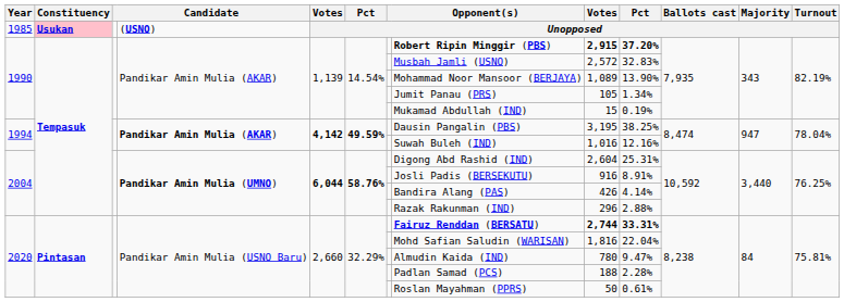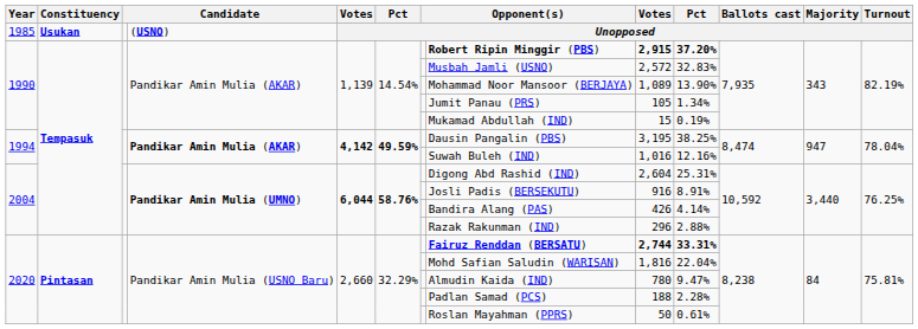 <table class="wikitable" style="margin:0.5em ; font-size:95%">
 <tr>
 <th>Year</th>
 <th>Constituency</th>
 <th colspan=2>Candidate</th>
 <th>Votes</th>
 <th>Pct</th>
 <th colspan=2>Opponent(s)</th>
 <th>Votes</th>
 <th>Pct</th>
 <th>Ballots cast</th>
 <th>Majority</th>
 <th>Turnout</th>
 </tr>
 <tr>
 <td><a href='#'>1985</a></td>
-<td style="background: pink;"><strong><a href='#'>Usukan</a></strong></td>
+<td><strong><a href='#'>Usukan</a></strong></td>
 <td></td>
 <td> (<a href='#'><strong>USNO</strong></a>)</td>
 <th colspan="9" align="right"><em>Unopposed</em></th>
 </tr>
 <tr>
 <td rowspan=5><a href='#'>1990</a></td>
 <td rowspan="11"><strong><a href='#'>Tempasuk</a></strong></td>
 <td rowspan=5 ></td>
 <td rowspan=5>Pandikar Amin Mulia (<a href='#'>AKAR</a>)</td>
 <td rowspan=5 align="right">1,139</td>
 <td rowspan=5>14.54%</td>
 <td></td>
 <td><strong>Robert Ripin Minggir</strong> (<a href='#'><strong>PBS</strong></a>)</td>
 <td align="right"><strong>2,915</strong></td>
 <td><strong>37.20%</strong></td>
 <td rowspan=5>7,935</td>
 <td rowspan=5>343</td>
 <td rowspan=5>82.19%</td>
 </tr>
 <tr>
 <td></td>
 <td><a href='#'>Musbah Jamli</a> (<a href='#'>USNO</a>)</td>
 <td align="right">2,572</td>
 <td>32.83%</td>
 </tr>
 <tr>
 <td></td>
 <td>Mohammad Noor Mansoor (<a href='#'>BERJAYA</a>)</td>
 <td align="right">1,089</td>
 <td>13.90%</td>
 </tr>
 <tr>
 <td></td>
 <td>Jumit Panau (<a href='#'>PRS</a>)</td>
 <td align="right">105</td>
 <td>1.34%</td>
 </tr>
 <tr>
 <td></td>
 <td>Mukamad Abdullah (<a href='#'>IND</a>)</td>
 <td align="right">15</td>
 <td>0.19%</td>
 </tr>
 <tr>
 <td rowspan=2><a href='#'>1994</a></td>
 <td rowspan=2 ></td>
 <td rowspan=2><strong>Pandikar Amin Mulia</strong> (<a href='#'><strong>AKAR</strong></a>)</td>
 <td rowspan=2 align="right"><strong>4,142</strong></td>
 <td rowspan=2><strong>49.59%</strong></td>
 <td></td>
 <td>Dausin Pangalin (<a href='#'>PBS</a>)</td>
 <td align="right">3,195</td>
 <td>38.25%</td>
 <td rowspan=2>8,474</td>
 <td rowspan=2>947</td>
 <td rowspan=2>78.04%</td>
 </tr>
 <tr>
 <td></td>
 <td>Suwah Buleh (<a href='#'>IND</a>)</td>
 <td align="right">1,016</td>
 <td>12.16%</td>
 </tr>
 <tr>
 <td rowspan=4><a href='#'>2004</a></td>
 <td rowspan=4 ></td>
 <td rowspan=4><strong>Pandikar Amin Mulia</strong> (<a href='#'><strong>UMNO</strong></a>)</td>
 <td rowspan=4 align="right"><strong>6,044</strong></td>
 <td rowspan=4><strong>58.76%</strong></td>
 <td></td>
 <td>Digong Abd Rashid (<a href='#'>IND</a>)</td>
 <td align="right">2,604</td>
 <td>25.31%</td>
 <td rowspan=4>10,592</td>
 <td rowspan=4>3,440</td>
 <td rowspan=4>76.25%</td>
 </tr>
 <tr>
 <td></td>
 <td>Josli Padis (<a href='#'>BERSEKUTU</a>)</td>
 <td align="right">916</td>
 <td>8.91%</td>
 </tr>
 <tr>
 <td></td>
 <td>Bandira Alang (<a href='#'>PAS</a>)</td>
 <td align="right">426</td>
 <td>4.14%</td>
 </tr>
 <tr>
 <td></td>
 <td>Razak Rakunman (<a href='#'>IND</a>)</td>
 <td align="right">296</td>
 <td>2.88%</td>
 </tr>
 <tr>
 <td rowspan=5><a href='#'>2020</a></td>
 <td rowspan=5><strong><a href='#'>Pintasan</a></strong></td>
 <td rowspan=5></td>
 <td rowspan=5>Pandikar Amin Mulia (<a href='#'>USNO Baru</a>)</td>
 <td rowspan=5 align="right">2,660</td>
 <td rowspan=5>32.29%</td>
 <td></td>
 <td><strong><a href='#'>Fairuz Renddan</a></strong> (<a href='#'><strong>BERSATU</strong></a>)</td>
 <td align="right"><strong>2,744</strong></td>
 <td><strong>33.31%</strong></td>
 <td rowspan=5>8,238</td>
 <td rowspan=5>84</td>
 <td rowspan=5>75.81%</td>
 </tr>
 <tr>
 <td></td>
 <td>Mohd Safian Saludin (<a href='#'>WARISAN</a>)</td>
 <td align="right">1,816</td>
 <td>22.04%</td>
 </tr>
 <tr>
 <td></td>
 <td>Almudin Kaida (<a href='#'>IND</a>)</td>
 <td align="right">780</td>
 <td>9.47%</td>
 </tr>
 <tr>
 <td></td>
 <td>Padlan Samad (<a href='#'>PCS</a>)</td>
 <td align="right">188</td>
 <td>2.28%</td>
 </tr>
 <tr>
 <td></td>
 <td>Roslan Mayahman (<a href='#'>PPRS</a>)</td>
 <td align="right">50</td>
 <td>0.61%</td>
 </tr>
 </table>
